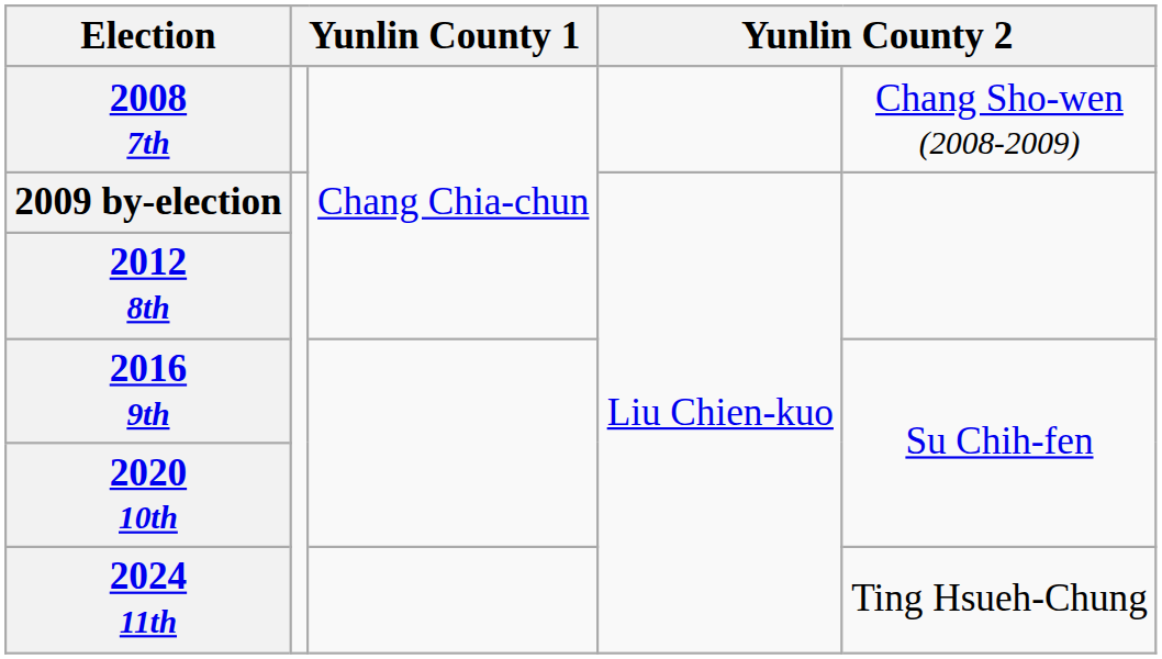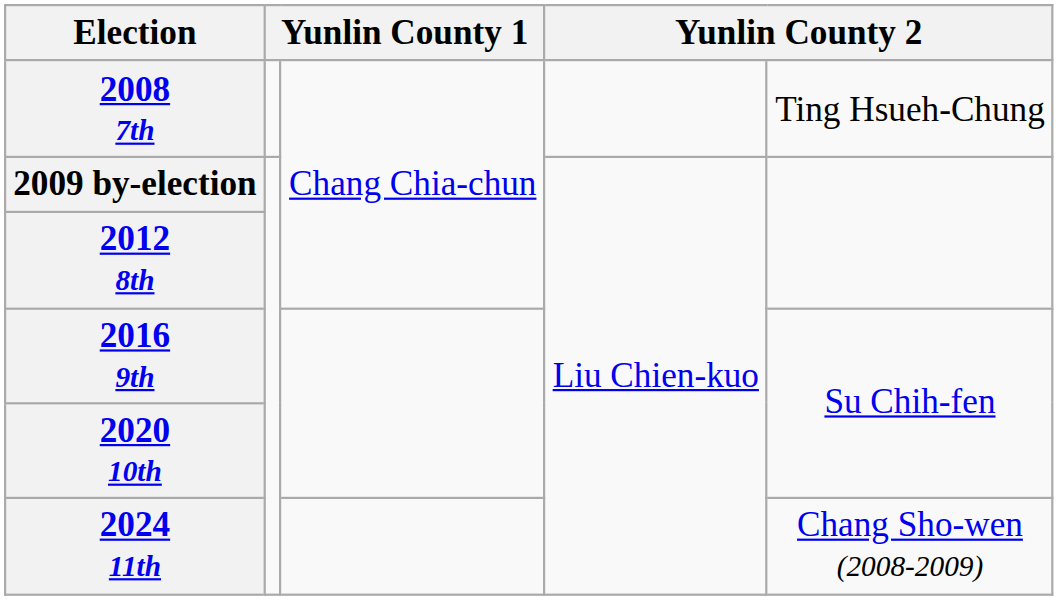 <table class="wikitable" align="center" style="text-align:center">
 <tr>
 <th>Election</th>
 <th colspan="2" width="80px">Yunlin County 1</th>
 <th colspan="2" width="80px">Yunlin County 2</th>
 </tr>
 <tr>
 <th><a href='#'>2008</a><br><small><em><a href='#'>7th</a></em></small><br></th>
 <td style="color:inherit;background:"></td>
 <td rowspan=3><a href='#'>Chang Chia-chun</a></td>
 <td style="color:inherit;background:"></td>
-<td><a href='#'>Chang Sho-wen</a><br><small><em>(2008-2009)</em></small></td>
+<td>Ting Hsueh-Chung</td>
 </tr>
 <tr>
 <th>2009 by-election</th>
 <td rowspan="5" style="color:inherit;background:"></td>
 <td rowspan="5"><a href='#'>Liu Chien-kuo</a></td>
 </tr>
 <tr>
 <th><a href='#'>2012</a><br><small><em><a href='#'>8th</a></em></small><br></th>
 </tr>
 <tr>
 <th><a href='#'>2016</a><br><small><em><a href='#'>9th</a></em></small><br></th>
 <td rowspan="2" style="color:inherit;background:"></td>
 <td rowspan="2"><a href='#'>Su Chih-fen</a></td>
 </tr>
 <tr>
 <th><a href='#'>2020</a><br><small><em><a href='#'>10th</a></em></small><br></th>
 </tr>
 <tr>
 <th><a href='#'>2024</a><br><small><em><a href='#'>11th</a></em></small><br></th>
 <td style="color:inherit;background:"></td>
-<td>Ting Hsueh-Chung</td>
+<td><a href='#'>Chang Sho-wen</a><br><small><em>(2008-2009)</em></small></td>
 </tr>
 </table>
